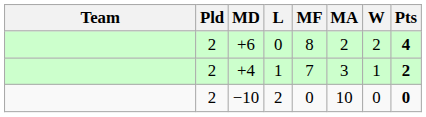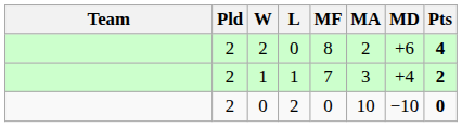 <table class=wikitable style="text-align:center">
 <tr>
 <th width=175>Team</th>
 <th width=20>Pld</th>
-<th width=20>MD</th>
+<th width=20>W</th>
 <th width=20>L</th>
 <th width=20>MF</th>
 <th width=20>MA</th>
-<th width=20>W</th>
+<th width=20>MD</th>
 <th width=20>Pts</th>
 </tr>
 <tr bgcolor=ccffcc>
 <td align=left></td>
 <td>2</td>
-<td>+6</td>
+<td>2</td>
 <td>0</td>
 <td>8</td>
 <td>2</td>
-<td>2</td>
+<td>+6</td>
 <td><strong>4</strong></td>
 </tr>
 <tr bgcolor=ccffcc>
 <td align=left></td>
 <td>2</td>
-<td>+4</td>
+<td>1</td>
 <td>1</td>
 <td>7</td>
 <td>3</td>
-<td>1</td>
+<td>+4</td>
 <td><strong>2</strong></td>
 </tr>
 <tr>
 <td align=left></td>
 <td>2</td>
-<td>−10</td>
+<td>0</td>
 <td>2</td>
 <td>0</td>
 <td>10</td>
-<td>0</td>
+<td>−10</td>
 <td><strong>0</strong></td>
 </tr>
 </table>
